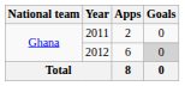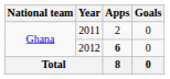 <table class="wikitable" style="text-align:center">
 <tr>
 <th>National team</th>
 <th>Year</th>
 <th>Apps</th>
 <th>Goals</th>
 </tr>
 <tr>
 <td rowspan="2"><a href='#'>Ghana</a></td>
 <td>2011</td>
 <td>2</td>
 <td>0</td>
 </tr>
 <tr>
 <td>2012</td>
-<td>6</td>
-<td style="background: lightgrey;">0</td>
+<td><strong>6</strong></td>
+<td>0</td>
 </tr>
 <tr>
 <th colspan="2">Total</th>
 <th>8</th>
 <th>0</th>
 </tr>
 </table>
